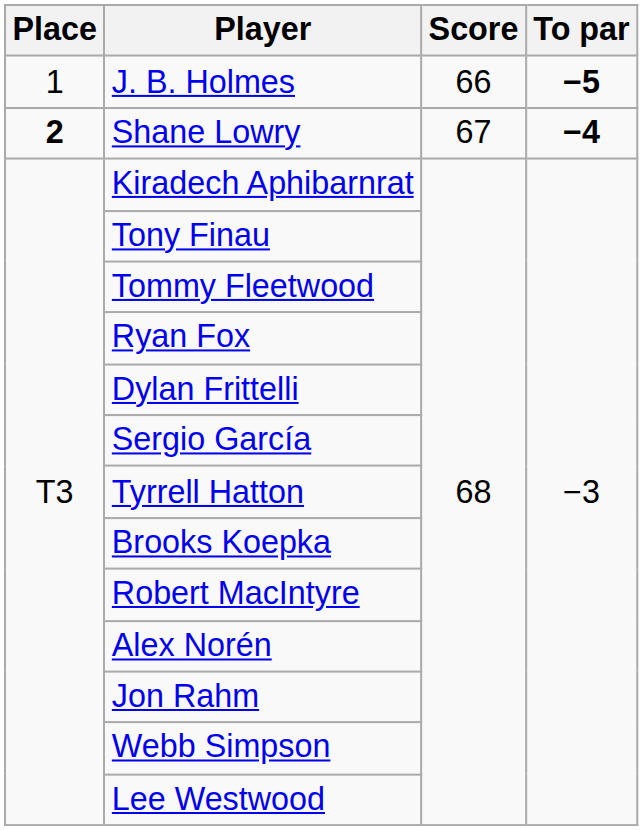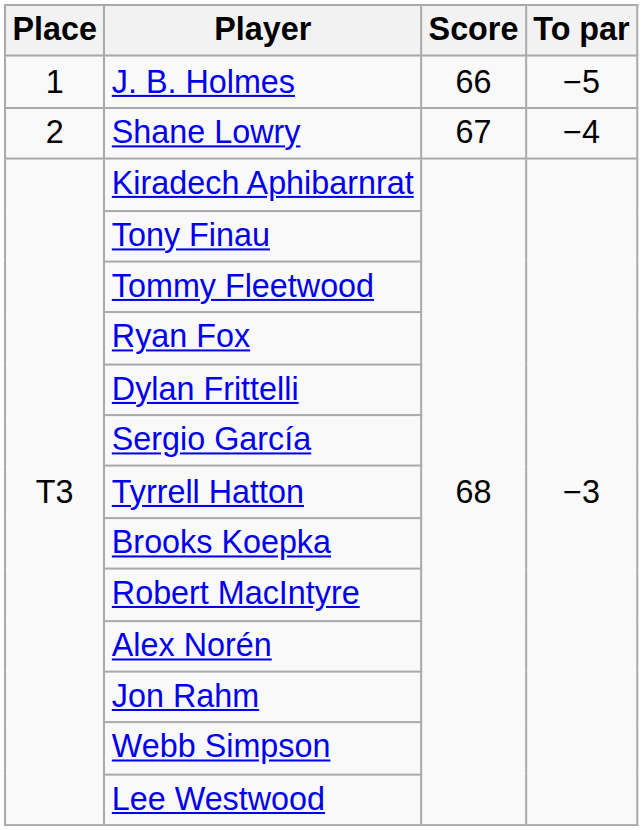 <table class="wikitable">
 <tr>
 <th>Place</th>
 <th>Player</th>
 <th>Score</th>
 <th>To par</th>
 </tr>
 <tr>
 <td align=center>1</td>
 <td> <a href='#'>J. B. Holmes</a></td>
 <td align=center>66</td>
-<td align=center><strong>−5</strong></td>
+<td align=center>−5</td>
 </tr>
 <tr>
-<td align=center><strong>2</strong></td>
+<td align=center>2</td>
 <td> <a href='#'>Shane Lowry</a></td>
 <td align=center>67</td>
-<td align=center><strong>−4</strong></td>
+<td align=center>−4</td>
 </tr>
 <tr>
 <td align=center rowspan=13>T3</td>
 <td> <a href='#'>Kiradech Aphibarnrat</a></td>
 <td align=center rowspan=13>68</td>
 <td align=center rowspan=13>−3</td>
 </tr>
 <tr>
 <td> <a href='#'>Tony Finau</a></td>
 </tr>
 <tr>
 <td> <a href='#'>Tommy Fleetwood</a></td>
 </tr>
 <tr>
 <td> <a href='#'>Ryan Fox</a></td>
 </tr>
 <tr>
 <td> <a href='#'>Dylan Frittelli</a></td>
 </tr>
 <tr>
 <td> <a href='#'>Sergio García</a></td>
 </tr>
 <tr>
 <td> <a href='#'>Tyrrell Hatton</a></td>
 </tr>
 <tr>
 <td> <a href='#'>Brooks Koepka</a></td>
 </tr>
 <tr>
 <td> <a href='#'>Robert MacIntyre</a></td>
 </tr>
 <tr>
 <td> <a href='#'>Alex Norén</a></td>
 </tr>
 <tr>
 <td> <a href='#'>Jon Rahm</a></td>
 </tr>
 <tr>
 <td> <a href='#'>Webb Simpson</a></td>
 </tr>
 <tr>
 <td> <a href='#'>Lee Westwood</a></td>
 </tr>
 </table>
